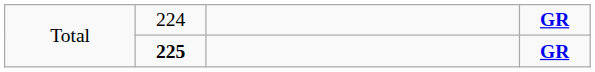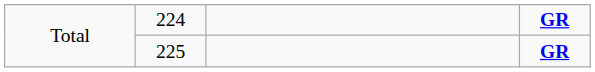 <table class = "wikitable" style="text-align:center;">
 <tr>
 <td rowspan=2 width=100>Total</td>
 <td width=50>224</td>
 <td width=250 align=left></td>
 <td width=50><strong><a href='#'>GR</a></strong></td>
 </tr>
 <tr>
-<td><strong>225</strong></td>
+<td>225</td>
 <td align=left></td>
 <td><strong><a href='#'>GR</a></strong></td>
 </tr>
 </table>
